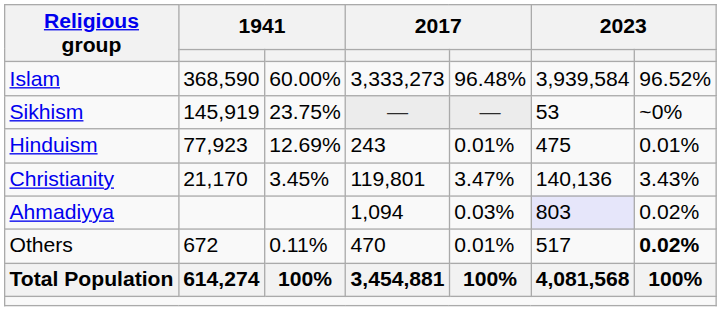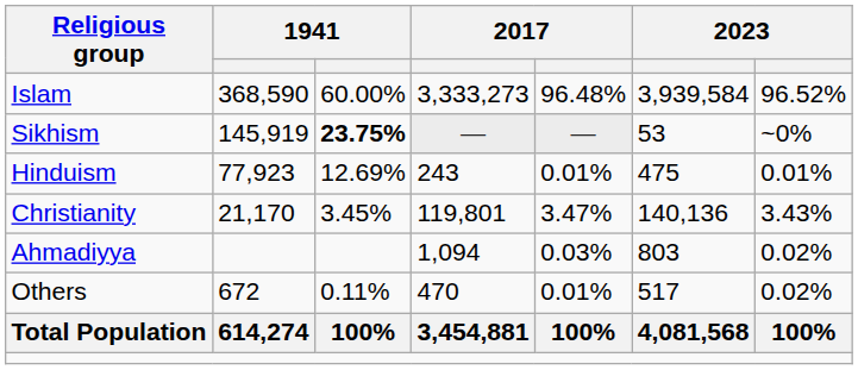 <table class="wikitable sortable">
 <tr>
 <th rowspan="2"><a href='#'>Religious</a><br>group</th>
 <th colspan="2">1941</th>
 <th colspan="2">2017</th>
 <th colspan="2">2023</th>
 </tr>
 <tr>
 <th><a href='#'></a></th>
 <th></th>
 <th></th>
 <th></th>
 <th></th>
 <th></th>
 </tr>
 <tr>
 <td><a href='#'>Islam</a> </td>
 <td>368,590</td>
 <td>60.00%</td>
 <td>3,333,273</td>
 <td>96.48%</td>
 <td>3,939,584</td>
 <td>96.52%</td>
 </tr>
 <tr>
 <td><a href='#'>Sikhism</a> </td>
 <td>145,919</td>
-<td>23.75%</td>
+<td><strong>23.75%</strong></td>
 <td data-sort-value="" style="background: var(--background-color-interactive, #ececec); color: var(--color-base, #2C2C2C); vertical-align: middle; text-align: center; " class="table-na">—</td>
 <td data-sort-value="" style="background: var(--background-color-interactive, #ececec); color: var(--color-base, #2C2C2C); vertical-align: middle; text-align: center; " class="table-na">—</td>
 <td>53</td>
 <td>~0%</td>
 </tr>
 <tr>
 <td><a href='#'>Hinduism</a> </td>
 <td>77,923</td>
 <td>12.69%</td>
 <td>243</td>
 <td>0.01%</td>
 <td>475</td>
 <td>0.01%</td>
 </tr>
 <tr>
 <td><a href='#'>Christianity</a> </td>
 <td>21,170</td>
 <td>3.45%</td>
 <td>119,801</td>
 <td>3.47%</td>
 <td>140,136</td>
 <td>3.43%</td>
 </tr>
 <tr>
 <td><a href='#'>Ahmadiyya</a> </td>
 <td></td>
 <td></td>
 <td>1,094</td>
 <td>0.03%</td>
-<td style="background: lavender;">803</td>
+<td>803</td>
 <td>0.02%</td>
 </tr>
 <tr>
 <td>Others</td>
 <td>672</td>
 <td>0.11%</td>
 <td>470</td>
 <td>0.01%</td>
 <td>517</td>
-<td><strong>0.02%</strong></td>
+<td>0.02%</td>
 </tr>
 <tr>
 <th>Total Population</th>
 <th>614,274</th>
 <th>100%</th>
 <th>3,454,881</th>
 <th>100%</th>
 <th>4,081,568</th>
 <th>100%</th>
 </tr>
 <tr class="sortbottom">
 <td colspan="7"></td>
 </tr>
 </table>
